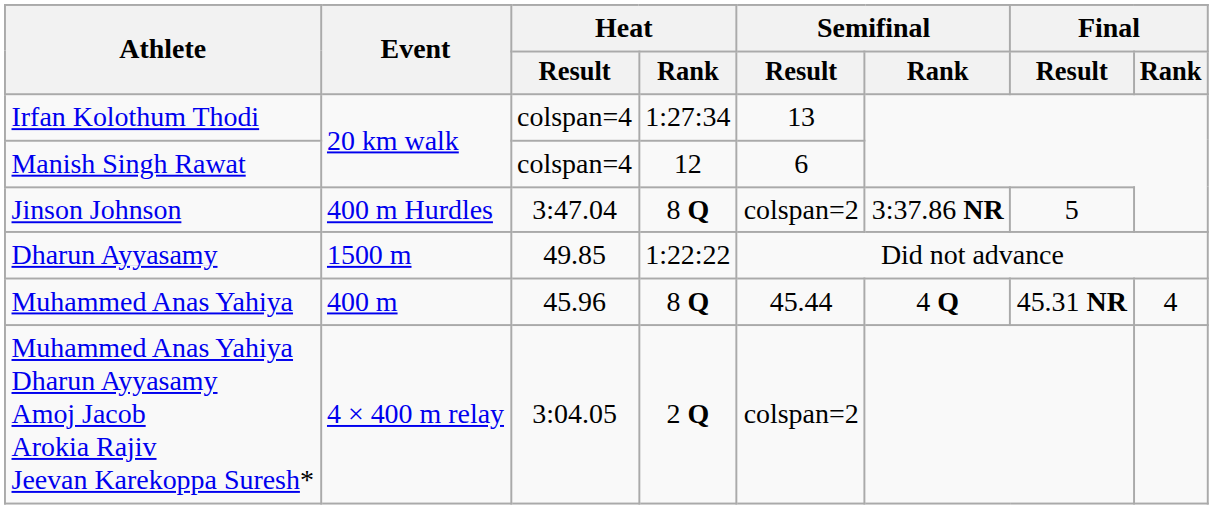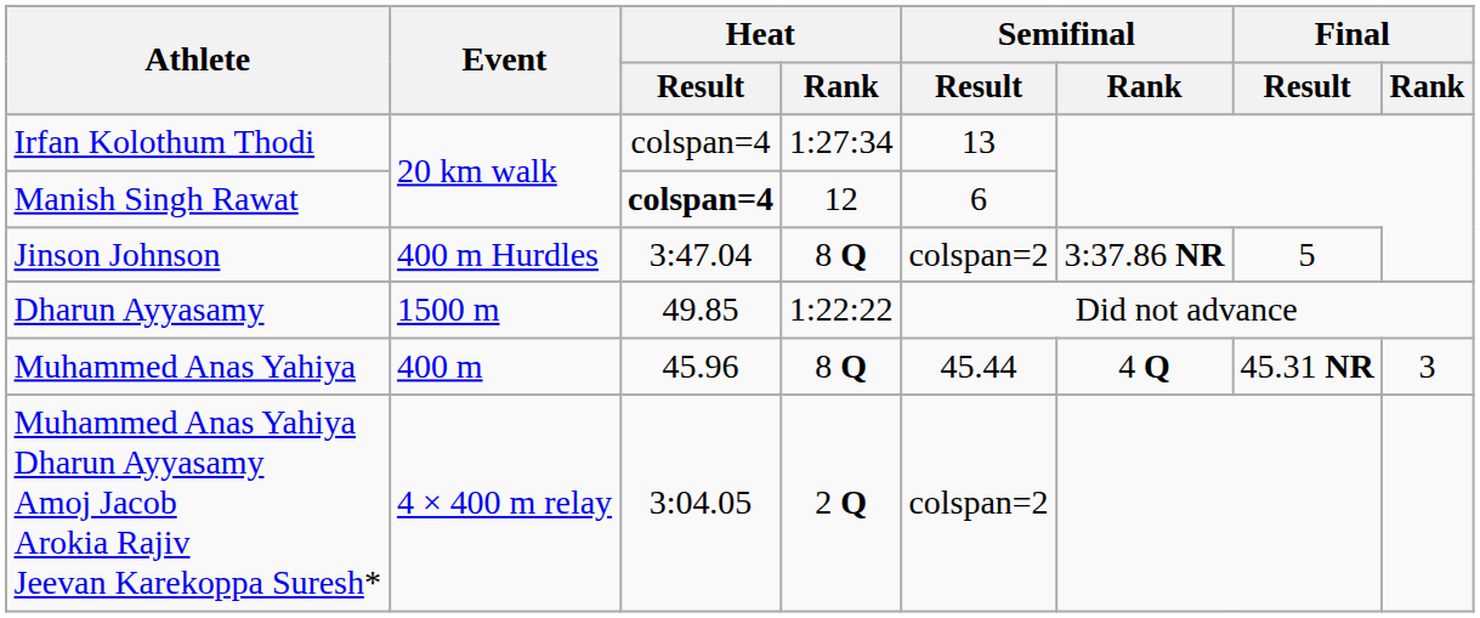 <table class=wikitable style=font-size:90%;text-align:center;>
 <tr>
 <th rowspan=2>Athlete</th>
 <th rowspan=2>Event</th>
 <th colspan=2>Heat</th>
 <th colspan=2>Semifinal</th>
 <th colspan=2>Final</th>
 </tr>
 <tr style=font-size:95%>
 <th>Result</th>
 <th>Rank</th>
 <th>Result</th>
 <th>Rank</th>
 <th>Result</th>
 <th>Rank</th>
 </tr>
 <tr>
 <td align=left><a href='#'>Irfan Kolothum Thodi</a></td>
 <td align=left rowspan="2"><a href='#'>20 km walk</a></td>
 <td>colspan=4 </td>
 <td>1:27:34</td>
 <td>13</td>
 </tr>
 <tr>
 <td align=left><a href='#'>Manish Singh Rawat</a></td>
-<td>colspan=4 </td>
+<td><strong>colspan=4 </strong></td>
 <td>12</td>
 <td>6</td>
 </tr>
 <tr>
 <td align=left><a href='#'>Jinson Johnson</a></td>
 <td align=left><a href='#'>400 m Hurdles</a></td>
 <td>3:47.04</td>
 <td>8 <strong>Q</strong></td>
 <td>colspan=2 </td>
 <td>3:37.86 <strong>NR</strong></td>
 <td>5</td>
 </tr>
 <tr>
 <td align=left><a href='#'>Dharun Ayyasamy</a></td>
 <td align=left><a href='#'>1500 m</a></td>
 <td>49.85</td>
 <td>1:22:22</td>
 <td colspan=4>Did not advance</td>
 </tr>
 <tr>
 <td align=left><a href='#'>Muhammed Anas Yahiya</a></td>
 <td align=left><a href='#'>400 m</a></td>
 <td>45.96</td>
 <td>8 <strong>Q</strong></td>
 <td>45.44</td>
 <td>4 <strong>Q</strong></td>
 <td>45.31 <strong>NR</strong></td>
-<td>4</td>
+<td>3</td>
 </tr>
 <tr>
 <td align=left><a href='#'>Muhammed Anas Yahiya</a><br><a href='#'>Dharun Ayyasamy</a><br><a href='#'>Amoj Jacob</a><br><a href='#'>Arokia Rajiv</a><br><a href='#'>Jeevan Karekoppa Suresh</a>*</td>
 <td align=left><a href='#'>4 × 400 m relay</a></td>
 <td>3:04.05</td>
 <td>2 <strong>Q</strong></td>
 <td>colspan=2 </td>
 <td colspan="2"></td>
 </tr>
 </table>
